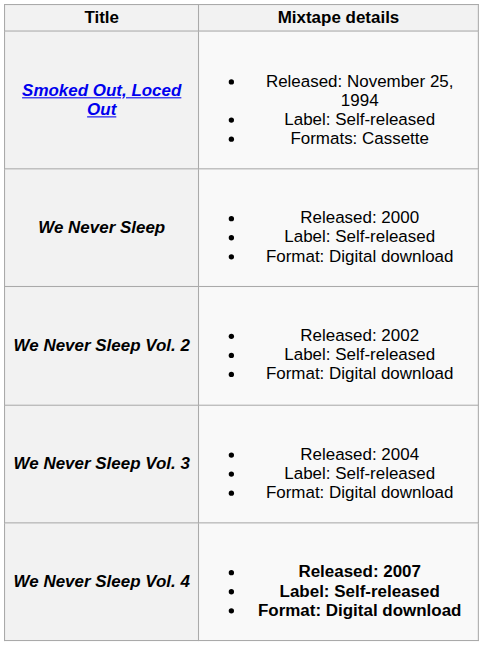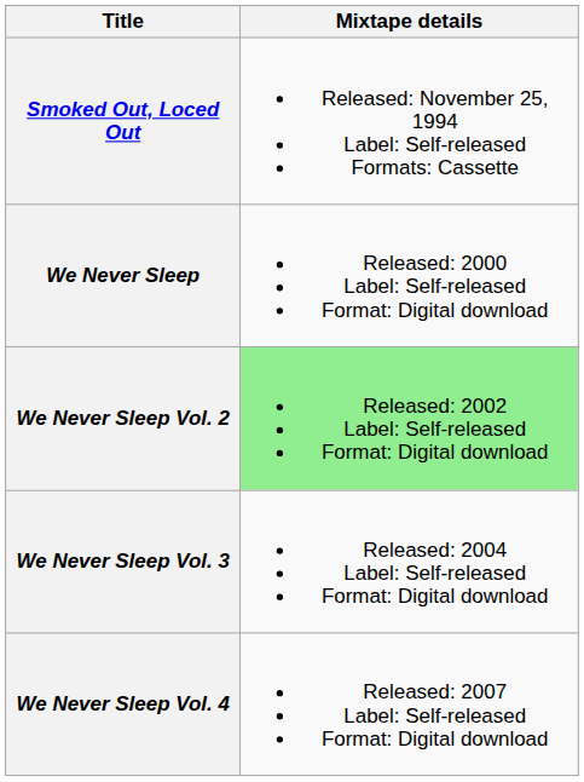 <table class="wikitable plainrowheaders" style="text-align:center;">
 <tr>
 <th scope="col" style="width:11em;">Title</th>
 <th scope="col" style="width:16em;">Mixtape details</th>
 </tr>
 <tr>
 <th scope="row"><em><a href='#'>Smoked Out, Loced Out</a></em></th>
 <td><br><ul><li>Released: November 25, 1994</li><li>Label: Self-released</li><li>Formats: Cassette</li></ul></td>
 </tr>
 <tr>
 <th scope="row"><em>We Never Sleep</em></th>
 <td><br><ul><li>Released: 2000</li><li>Label: Self-released</li><li>Format: Digital download</li></ul></td>
 </tr>
 <tr>
 <th scope="row"><em>We Never Sleep Vol. 2</em></th>
-<td><br><ul><li>Released: 2002</li><li>Label: Self-released</li><li>Format: Digital download</li></ul></td>
+<td style="background: lightgreen;"><br><ul><li>Released: 2002</li><li>Label: Self-released</li><li>Format: Digital download</li></ul></td>
 </tr>
 <tr>
 <th scope="row"><em>We Never Sleep Vol. 3</em></th>
 <td><br><ul><li>Released: 2004</li><li>Label: Self-released</li><li>Format: Digital download</li></ul></td>
 </tr>
 <tr>
 <th scope="row"><em>We Never Sleep Vol. 4</em></th>
-<td><strong><br><ul><li>Released: 2007</li><li>Label: Self-released</li><li>Format: Digital download</li></ul></strong></td>
+<td><br><ul><li>Released: 2007</li><li>Label: Self-released</li><li>Format: Digital download</li></ul></td>
 </tr>
 </table>
